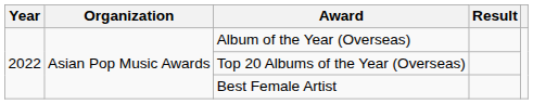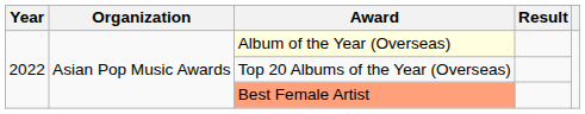 <table class="wikitable plainrowheaders">
 <tr align=center>
 <th scope="col">Year</th>
 <th scope="col">Organization</th>
 <th scope="col">Award</th>
 <th scope="col">Result</th>
 <th scope="col"></th>
 </tr>
 <tr>
 <td rowspan="3">2022</td>
 <td rowspan="3">Asian Pop Music Awards</td>
-<td>Album of the Year (Overseas)</td>
+<td style="background: lightyellow;">Album of the Year (Overseas)</td>
 <td></td>
 <td rowspan="3" style="text-align:center"></td>
 </tr>
 <tr>
 <td>Top 20 Albums of the Year (Overseas)</td>
 <td></td>
 </tr>
 <tr>
-<td>Best Female Artist</td>
+<td style="background: lightsalmon;">Best Female Artist</td>
 <td></td>
 </tr>
 </table>
